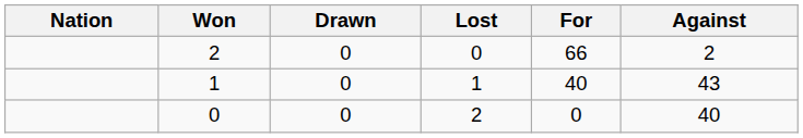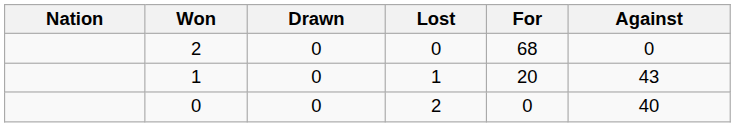 <table class="wikitable" style="text-align: center; width:50%">
 <tr>
 <th>Nation</th>
 <th>Won</th>
 <th>Drawn</th>
 <th>Lost</th>
 <th>For</th>
 <th>Against</th>
 </tr>
 <tr>
 <td align=left></td>
 <td>2</td>
 <td>0</td>
 <td>0</td>
-<td>66</td>
-<td>2</td>
+<td>68</td>
+<td>0</td>
 </tr>
 <tr>
 <td align=left></td>
 <td>1</td>
 <td>0</td>
 <td>1</td>
-<td>40</td>
+<td>20</td>
 <td>43</td>
 </tr>
 <tr>
 <td align=left></td>
 <td>0</td>
 <td>0</td>
 <td>2</td>
 <td>0</td>
 <td>40</td>
 </tr>
 </table>
